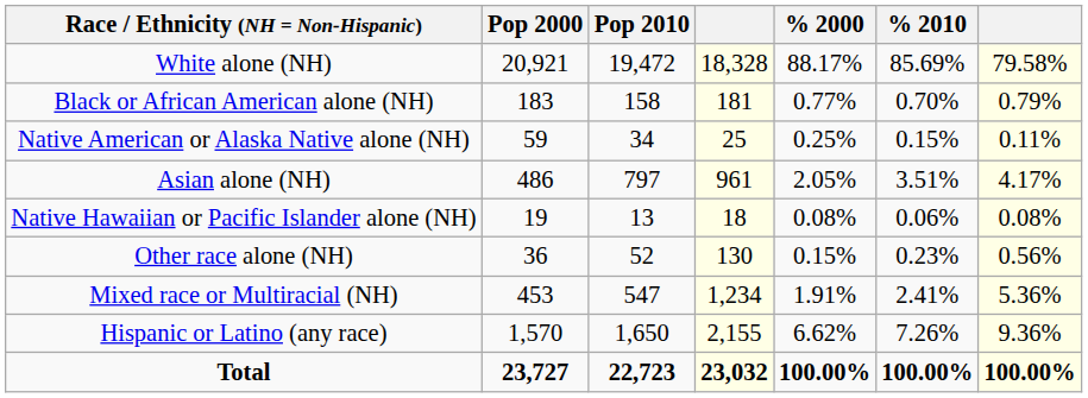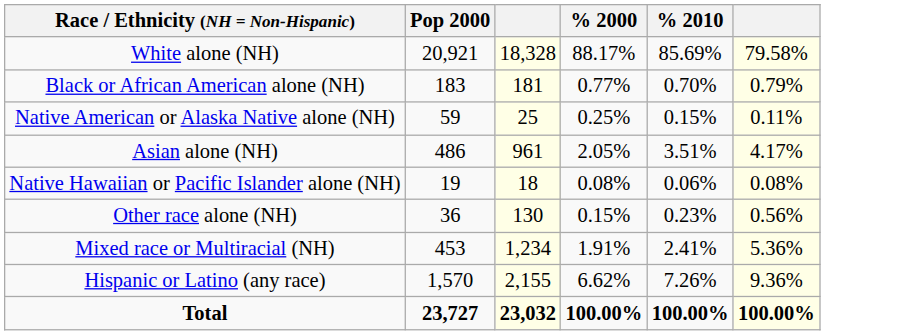 <table class="wikitable" style="text-align:center;">
 <tr>
 <th>Race / Ethnicity <small>(<em>NH = Non-Hispanic</em>)</small></th>
 <th>Pop 2000</th>
-<th>Pop 2010</th>
 <th></th>
 <th>% 2000</th>
 <th>% 2010</th>
 <th></th>
 </tr>
 <tr>
 <td><a href='#'>White</a> alone (NH)</td>
 <td>20,921</td>
-<td>19,472</td>
 <td style='background: #ffffe6;'>18,328</td>
 <td>88.17%</td>
 <td>85.69%</td>
 <td style='background: #ffffe6;'>79.58%</td>
 </tr>
 <tr>
 <td><a href='#'>Black or African American</a> alone (NH)</td>
 <td>183</td>
-<td>158</td>
 <td style='background: #ffffe6;'>181</td>
 <td>0.77%</td>
 <td>0.70%</td>
 <td style='background: #ffffe6;'>0.79%</td>
 </tr>
 <tr>
 <td><a href='#'>Native American</a> or <a href='#'>Alaska Native</a> alone (NH)</td>
 <td>59</td>
-<td>34</td>
 <td style='background: #ffffe6;'>25</td>
 <td>0.25%</td>
 <td>0.15%</td>
 <td style='background: #ffffe6;'>0.11%</td>
 </tr>
 <tr>
 <td><a href='#'>Asian</a> alone (NH)</td>
 <td>486</td>
-<td>797</td>
 <td style='background: #ffffe6;'>961</td>
 <td>2.05%</td>
 <td>3.51%</td>
 <td style='background: #ffffe6;'>4.17%</td>
 </tr>
 <tr>
 <td><a href='#'>Native Hawaiian</a> or <a href='#'>Pacific Islander</a> alone (NH)</td>
 <td>19</td>
-<td>13</td>
 <td style='background: #ffffe6;'>18</td>
 <td>0.08%</td>
 <td>0.06%</td>
 <td style='background: #ffffe6;'>0.08%</td>
 </tr>
 <tr>
 <td><a href='#'>Other race</a> alone (NH)</td>
 <td>36</td>
-<td>52</td>
 <td style='background: #ffffe6;'>130</td>
 <td>0.15%</td>
 <td>0.23%</td>
 <td style='background: #ffffe6;'>0.56%</td>
 </tr>
 <tr>
 <td><a href='#'>Mixed race or Multiracial</a> (NH)</td>
 <td>453</td>
-<td>547</td>
 <td style='background: #ffffe6;'>1,234</td>
 <td>1.91%</td>
 <td>2.41%</td>
 <td style='background: #ffffe6;'>5.36%</td>
 </tr>
 <tr>
 <td><a href='#'>Hispanic or Latino</a> (any race)</td>
 <td>1,570</td>
-<td>1,650</td>
 <td style='background: #ffffe6;'>2,155</td>
 <td>6.62%</td>
 <td>7.26%</td>
 <td style='background: #ffffe6;'>9.36%</td>
 </tr>
 <tr>
 <td><strong>Total</strong></td>
 <td><strong>23,727</strong></td>
-<td><strong>22,723</strong></td>
 <td style='background: #ffffe6;'><strong>23,032</strong></td>
 <td><strong>100.00%</strong></td>
 <td><strong>100.00%</strong></td>
 <td style='background: #ffffe6;'><strong>100.00%</strong></td>
 </tr>
 </table>
